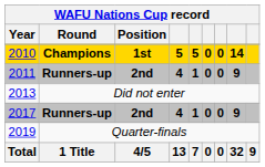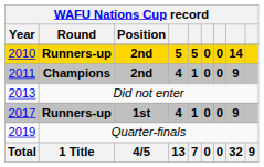 <table class="wikitable" style="text-align: center;">
 <tr>
 <th colspan=9><a href='#'>WAFU Nations Cup</a> record</th>
 </tr>
 <tr>
 <th>Year</th>
 <th>Round</th>
 <th>Position</th>
 <th></th>
 <th></th>
 <th></th>
 <th></th>
 <th></th>
 <th></th>
 </tr>
 <tr>
 </tr>
 <tr bgcolor="gold">
 <td> <a href='#'>2010</a></td>
-<td><strong>Champions</strong></td>
-<td><strong>1st</strong></td>
+<td><strong>Runners-up</strong></td>
+<td><strong>2nd</strong></td>
 <td><strong>5</strong></td>
 <td><strong>5</strong></td>
 <td><strong>0</strong></td>
 <td><strong>0</strong></td>
 <td><strong>14</strong></td>
 <td></td>
 </tr>
 <tr bgcolor="silver">
 <td> <a href='#'>2011</a></td>
-<td><strong>Runners-up</strong></td>
+<td><strong>Champions</strong></td>
 <td><strong>2nd</strong></td>
 <td><strong>4</strong></td>
 <td><strong>1</strong></td>
 <td><strong>0</strong></td>
 <td><strong>0</strong></td>
 <td><strong>9</strong></td>
 <td></td>
 </tr>
 <tr bgcolor=>
 <td> <a href='#'>2013</a></td>
 <td colspan="8"><em>Did not enter</em></td>
 </tr>
 <tr bgcolor="silver">
 <td> <a href='#'>2017</a></td>
 <td><strong>Runners-up</strong></td>
-<td><strong>2nd</strong></td>
+<td><strong>1st</strong></td>
 <td><strong>4</strong></td>
 <td><strong>1</strong></td>
 <td><strong>0</strong></td>
 <td><strong>0</strong></td>
 <td><strong>9</strong></td>
 <td></td>
 </tr>
 <tr>
 <td> <a href='#'>2019</a></td>
 <td colspan="8"><em>Quarter-finals</em></td>
 </tr>
 <tr>
 <th>Total</th>
 <th>1 Title</th>
 <th>4/5</th>
 <th>13</th>
 <th>7</th>
 <th>0</th>
 <th>0</th>
 <th>32</th>
 <th>9</th>
 </tr>
 </table>
